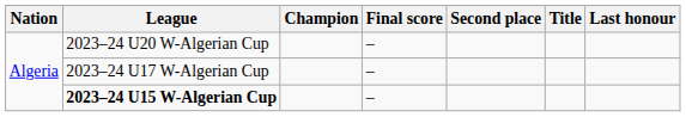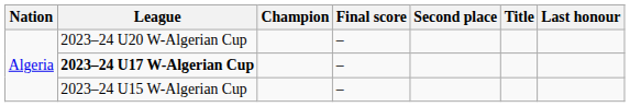 <table class=wikitable style="font-size:14px">
 <tr>
 <th>Nation</th>
 <th>League</th>
 <th>Champion</th>
 <th>Final score</th>
 <th>Second place</th>
 <th data-sort-type="number">Title</th>
 <th>Last honour</th>
 </tr>
 <tr>
 <td align=left rowspan=3> <a href='#'>Algeria</a></td>
 <td align=left>2023–24 U20 W-Algerian Cup</td>
 <td></td>
 <td>–</td>
 <td></td>
 <td></td>
 <td></td>
 </tr>
 <tr>
-<td align=left>2023–24 U17 W-Algerian Cup</td>
+<td align=left><strong>2023–24 U17 W-Algerian Cup</strong></td>
 <td></td>
 <td>–</td>
 <td></td>
 <td></td>
 <td></td>
 </tr>
 <tr>
-<td align=left><strong>2023–24 U15 W-Algerian Cup</strong></td>
+<td align=left>2023–24 U15 W-Algerian Cup</td>
 <td></td>
 <td>–</td>
 <td></td>
 <td></td>
 <td></td>
 </tr>
 </table>
